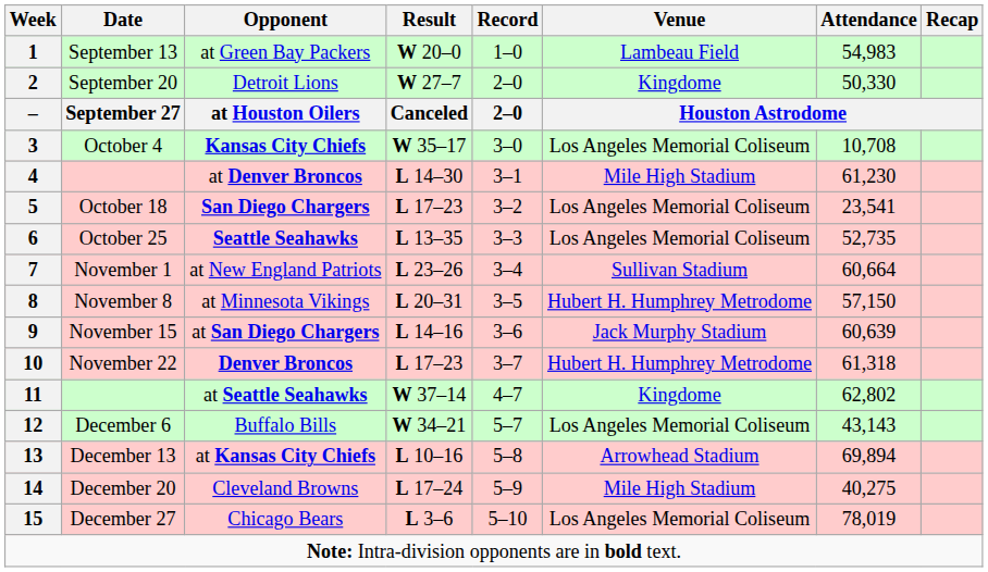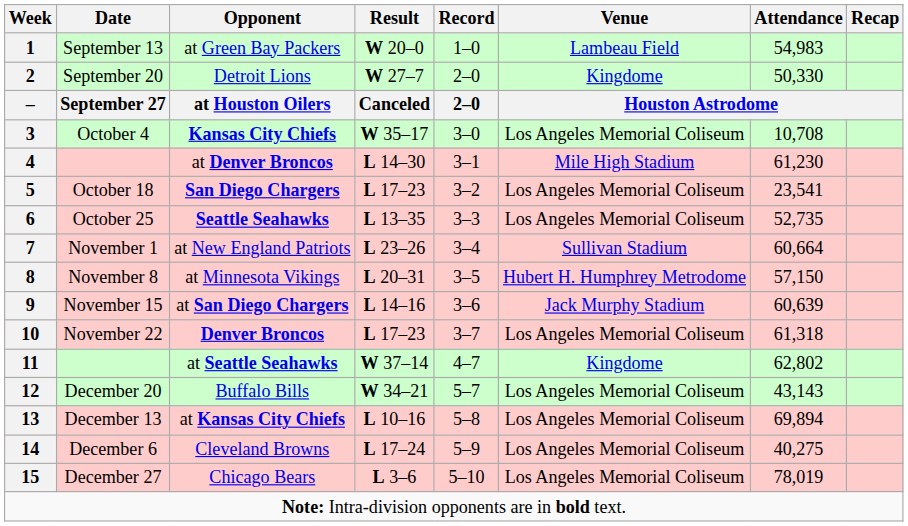 <table class="wikitable" style="text-align:center">
 <tr>
 <th>Week</th>
 <th>Date</th>
 <th>Opponent</th>
 <th>Result</th>
 <th>Record</th>
 <th>Venue</th>
 <th>Attendance</th>
 <th>Recap</th>
 </tr>
 <tr style="background: #cfc;">
 <th>1</th>
 <td>September 13</td>
 <td>at <a href='#'>Green Bay Packers</a></td>
 <td><strong>W</strong> 20–0</td>
 <td>1–0</td>
 <td><a href='#'>Lambeau Field</a></td>
 <td>54,983</td>
 <td></td>
 </tr>
 <tr style="background: #cfc;">
 <th>2</th>
 <td>September 20</td>
 <td><a href='#'>Detroit Lions</a></td>
 <td><strong>W</strong> 27–7</td>
 <td>2–0</td>
 <td><a href='#'>Kingdome</a></td>
 <td>50,330</td>
 <td></td>
 </tr>
 <tr>
 <th>–</th>
 <th>September 27</th>
 <th>at <a href='#'>Houston Oilers</a></th>
 <th>Canceled</th>
 <th>2–0</th>
 <th colspan="3"><a href='#'>Houston Astrodome</a></th>
 </tr>
 <tr style="background: #cfc;">
 <th>3</th>
 <td>October 4</td>
 <td><strong><a href='#'>Kansas City Chiefs</a></strong></td>
 <td><strong>W</strong> 35–17</td>
 <td>3–0</td>
 <td>Los Angeles Memorial Coliseum</td>
 <td>10,708</td>
 <td></td>
 </tr>
 <tr style="background: #fcc;">
 <th>4</th>
 <td></td>
 <td>at <strong><a href='#'>Denver Broncos</a></strong></td>
 <td><strong>L</strong> 14–30</td>
 <td>3–1</td>
 <td><a href='#'>Mile High Stadium</a></td>
 <td>61,230</td>
 <td></td>
 </tr>
 <tr style="background: #fcc;">
 <th>5</th>
 <td>October 18</td>
 <td><strong><a href='#'>San Diego Chargers</a></strong></td>
 <td><strong>L</strong> 17–23</td>
 <td>3–2</td>
 <td>Los Angeles Memorial Coliseum</td>
 <td>23,541</td>
 <td></td>
 </tr>
 <tr style="background: #fcc;">
 <th>6</th>
 <td>October 25</td>
 <td><strong><a href='#'>Seattle Seahawks</a></strong></td>
 <td><strong>L</strong> 13–35</td>
 <td>3–3</td>
 <td>Los Angeles Memorial Coliseum</td>
 <td>52,735</td>
 <td></td>
 </tr>
 <tr style="background: #fcc;">
 <th>7</th>
 <td>November 1</td>
 <td>at <a href='#'>New England Patriots</a></td>
 <td><strong>L</strong> 23–26</td>
 <td>3–4</td>
 <td><a href='#'>Sullivan Stadium</a></td>
 <td>60,664</td>
 <td></td>
 </tr>
 <tr style="background: #fcc;">
 <th>8</th>
 <td>November 8</td>
 <td>at <a href='#'>Minnesota Vikings</a></td>
 <td><strong>L</strong> 20–31</td>
 <td>3–5</td>
 <td><a href='#'>Hubert H. Humphrey Metrodome</a></td>
 <td>57,150</td>
 <td></td>
 </tr>
 <tr style="background: #fcc;">
 <th>9</th>
 <td>November 15</td>
 <td>at <strong><a href='#'>San Diego Chargers</a></strong></td>
 <td><strong>L</strong> 14–16</td>
 <td>3–6</td>
 <td><a href='#'>Jack Murphy Stadium</a></td>
 <td>60,639</td>
 <td></td>
 </tr>
 <tr style="background: #fcc;">
 <th>10</th>
 <td>November 22</td>
 <td><strong><a href='#'>Denver Broncos</a></strong></td>
 <td><strong>L</strong> 17–23</td>
 <td>3–7</td>
-<td><a href='#'>Hubert H. Humphrey Metrodome</a></td>
+<td>Los Angeles Memorial Coliseum</td>
 <td>61,318</td>
 <td></td>
 </tr>
 <tr style="background: #cfc;">
 <th>11</th>
 <td></td>
 <td>at <strong><a href='#'>Seattle Seahawks</a></strong></td>
 <td><strong>W</strong> 37–14</td>
 <td>4–7</td>
 <td><a href='#'>Kingdome</a></td>
 <td>62,802</td>
 <td></td>
 </tr>
 <tr style="background: #cfc;">
 <th>12</th>
-<td>December 6</td>
+<td>December 20</td>
 <td><a href='#'>Buffalo Bills</a></td>
 <td><strong>W</strong> 34–21</td>
 <td>5–7</td>
 <td>Los Angeles Memorial Coliseum</td>
 <td>43,143</td>
 <td></td>
 </tr>
 <tr style="background: #fcc;">
 <th>13</th>
 <td>December 13</td>
 <td>at <strong><a href='#'>Kansas City Chiefs</a></strong></td>
 <td><strong>L</strong> 10–16</td>
 <td>5–8</td>
-<td><a href='#'>Arrowhead Stadium</a></td>
+<td>Los Angeles Memorial Coliseum</td>
 <td>69,894</td>
 <td></td>
 </tr>
 <tr style="background: #fcc;">
 <th>14</th>
-<td>December 20</td>
+<td>December 6</td>
 <td><a href='#'>Cleveland Browns</a></td>
 <td><strong>L</strong> 17–24</td>
 <td>5–9</td>
-<td><a href='#'>Mile High Stadium</a></td>
+<td>Los Angeles Memorial Coliseum</td>
 <td>40,275</td>
 <td></td>
 </tr>
 <tr style="background: #fcc;">
 <th>15</th>
 <td>December 27</td>
 <td><a href='#'>Chicago Bears</a></td>
 <td><strong>L</strong> 3–6</td>
 <td>5–10</td>
 <td>Los Angeles Memorial Coliseum</td>
 <td>78,019</td>
 <td></td>
 </tr>
 <tr>
 <td colspan="8"><strong>Note:</strong> Intra-division opponents are in <strong>bold</strong> text.</td>
 </tr>
 </table>
